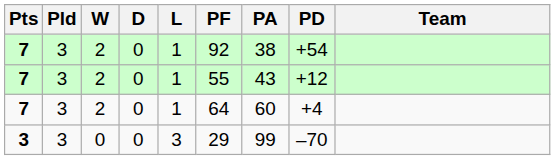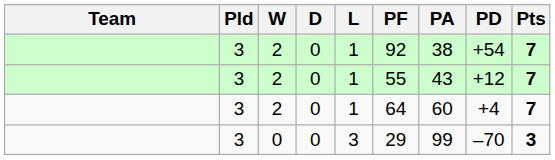 <table class="wikitable" style="text-align:center;">
 <tr>
-<th width=25 abbr="Points">Pts</th>
+<th width=175>Team</th>
 <th width=25 abbr="Played">Pld</th>
 <th width=25 abbr="Won">W</th>
 <th width=25 abbr="Drawn">D</th>
 <th width=25 abbr="Lost">L</th>
 <th width=32 abbr="Points for">PF</th>
 <th width=32 abbr="Points against">PA</th>
 <th width=32 abbr="Points difference">PD</th>
-<th width=175>Team</th>
+<th width=25 abbr="Points">Pts</th>
 </tr>
 <tr bgcolor=ccffcc>
-<td><strong>7</strong></td>
+<td align=left></td>
 <td>3</td>
 <td>2</td>
 <td>0</td>
 <td>1</td>
 <td>92</td>
 <td>38</td>
 <td>+54</td>
-<td align=left></td>
+<td><strong>7</strong></td>
 </tr>
 <tr bgcolor=ccffcc>
-<td><strong>7</strong></td>
+<td align=left></td>
 <td>3</td>
 <td>2</td>
 <td>0</td>
 <td>1</td>
 <td>55</td>
 <td>43</td>
 <td>+12</td>
-<td align=left></td>
+<td><strong>7</strong></td>
 </tr>
 <tr>
-<td><strong>7</strong></td>
+<td align=left></td>
 <td>3</td>
 <td>2</td>
 <td>0</td>
 <td>1</td>
 <td>64</td>
 <td>60</td>
 <td>+4</td>
-<td align=left></td>
+<td><strong>7</strong></td>
 </tr>
 <tr>
-<td><strong>3</strong></td>
+<td align=left></td>
 <td>3</td>
 <td>0</td>
 <td>0</td>
 <td>3</td>
 <td>29</td>
 <td>99</td>
 <td>–70</td>
-<td align=left></td>
+<td><strong>3</strong></td>
 </tr>
 </table>
